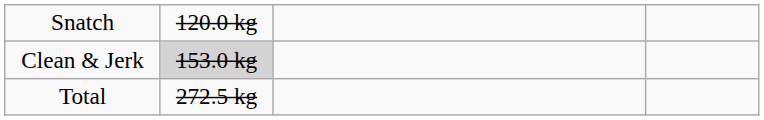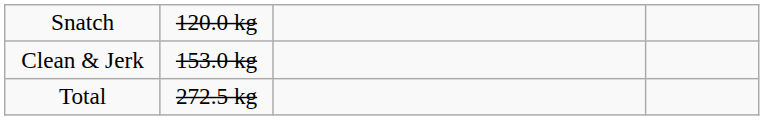 <table class = "wikitable" style="text-align:center;">
 <tr>
 <td width=100>Snatch</td>
 <td width=70><s>120.0 kg</s></td>
 <td width=250 align=left><s></s></td>
 <td width=70><s></s></td>
 </tr>
 <tr>
 <td>Clean & Jerk</td>
-<td style="background: lightgrey;"><s>153.0 kg</s></td>
+<td><s>153.0 kg</s></td>
 <td align=left><s></s></td>
 <td><s></s></td>
 </tr>
 <tr>
 <td>Total</td>
 <td><s>272.5 kg</s></td>
 <td align=left><s></s></td>
 <td><s></s></td>
 </tr>
 </table>
